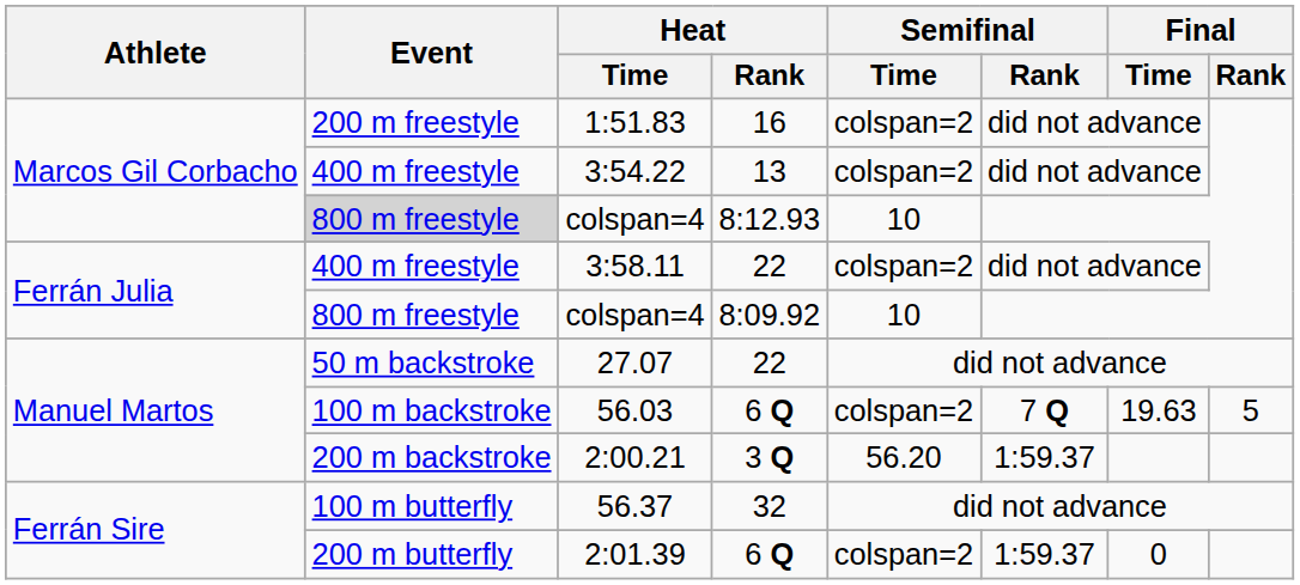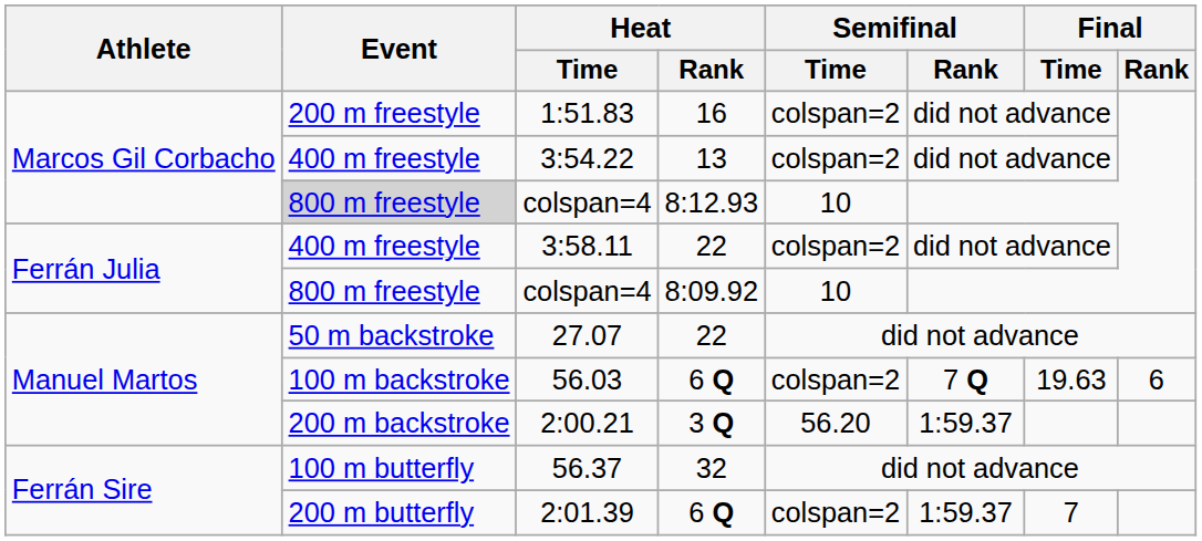 <table class=wikitable style="font-size:90%">
 <tr>
 <th rowspan=2>Athlete</th>
 <th rowspan=2>Event</th>
 <th colspan=2>Heat</th>
 <th colspan=2>Semifinal</th>
 <th colspan=2>Final</th>
 </tr>
 <tr style="font-size:95%">
 <th>Time</th>
 <th>Rank</th>
 <th>Time</th>
 <th>Rank</th>
 <th>Time</th>
 <th>Rank</th>
 </tr>
 <tr align=center>
 <td rowspan=3 align=left><a href='#'>Marcos Gil Corbacho</a></td>
 <td align=left><a href='#'>200 m freestyle</a></td>
 <td>1:51.83</td>
 <td>16</td>
 <td>colspan=2 </td>
 <td colspan=2>did not advance</td>
 </tr>
 <tr align=center>
 <td align=left><a href='#'>400 m freestyle</a></td>
 <td>3:54.22</td>
 <td>13</td>
 <td>colspan=2 </td>
 <td colspan=2>did not advance</td>
 </tr>
 <tr align=center>
 <td align=left style="background: lightgrey;"><a href='#'>800 m freestyle</a></td>
 <td>colspan=4 </td>
 <td>8:12.93</td>
 <td>10</td>
 </tr>
 <tr align=center>
 <td rowspan=2 align=left><a href='#'>Ferrán Julia</a></td>
 <td align=left><a href='#'>400 m freestyle</a></td>
 <td>3:58.11</td>
 <td>22</td>
 <td>colspan=2 </td>
 <td colspan=2>did not advance</td>
 </tr>
 <tr align=center>
 <td align=left><a href='#'>800 m freestyle</a></td>
 <td>colspan=4 </td>
 <td>8:09.92</td>
 <td>10</td>
 </tr>
 <tr align=center>
 <td rowspan=3 align=left><a href='#'>Manuel Martos</a></td>
 <td align=left><a href='#'>50 m backstroke</a></td>
 <td>27.07</td>
 <td>22</td>
 <td colspan=4>did not advance</td>
 </tr>
 <tr align=center>
 <td align=left><a href='#'>100 m backstroke</a></td>
 <td>56.03</td>
 <td>6 <strong>Q</strong></td>
 <td>colspan=2 </td>
 <td>7 <strong>Q</strong></td>
 <td>19.63</td>
-<td>5</td>
+<td>6</td>
 </tr>
 <tr align=center>
 <td align=left><a href='#'>200 m backstroke</a></td>
 <td>2:00.21</td>
 <td>3 <strong>Q</strong></td>
 <td>56.20</td>
 <td>1:59.37</td>
 <td></td>
 </tr>
 <tr align=center>
 <td rowspan=2 align=left><a href='#'>Ferrán Sire</a></td>
 <td align=left><a href='#'>100 m butterfly</a></td>
 <td>56.37</td>
 <td>32</td>
 <td colspan=4>did not advance</td>
 </tr>
 <tr align=center>
 <td align=left><a href='#'>200 m butterfly</a></td>
 <td>2:01.39</td>
 <td>6 <strong>Q</strong></td>
 <td>colspan=2 </td>
 <td>1:59.37</td>
-<td>0</td>
+<td>7</td>
 </tr>
 </table>
